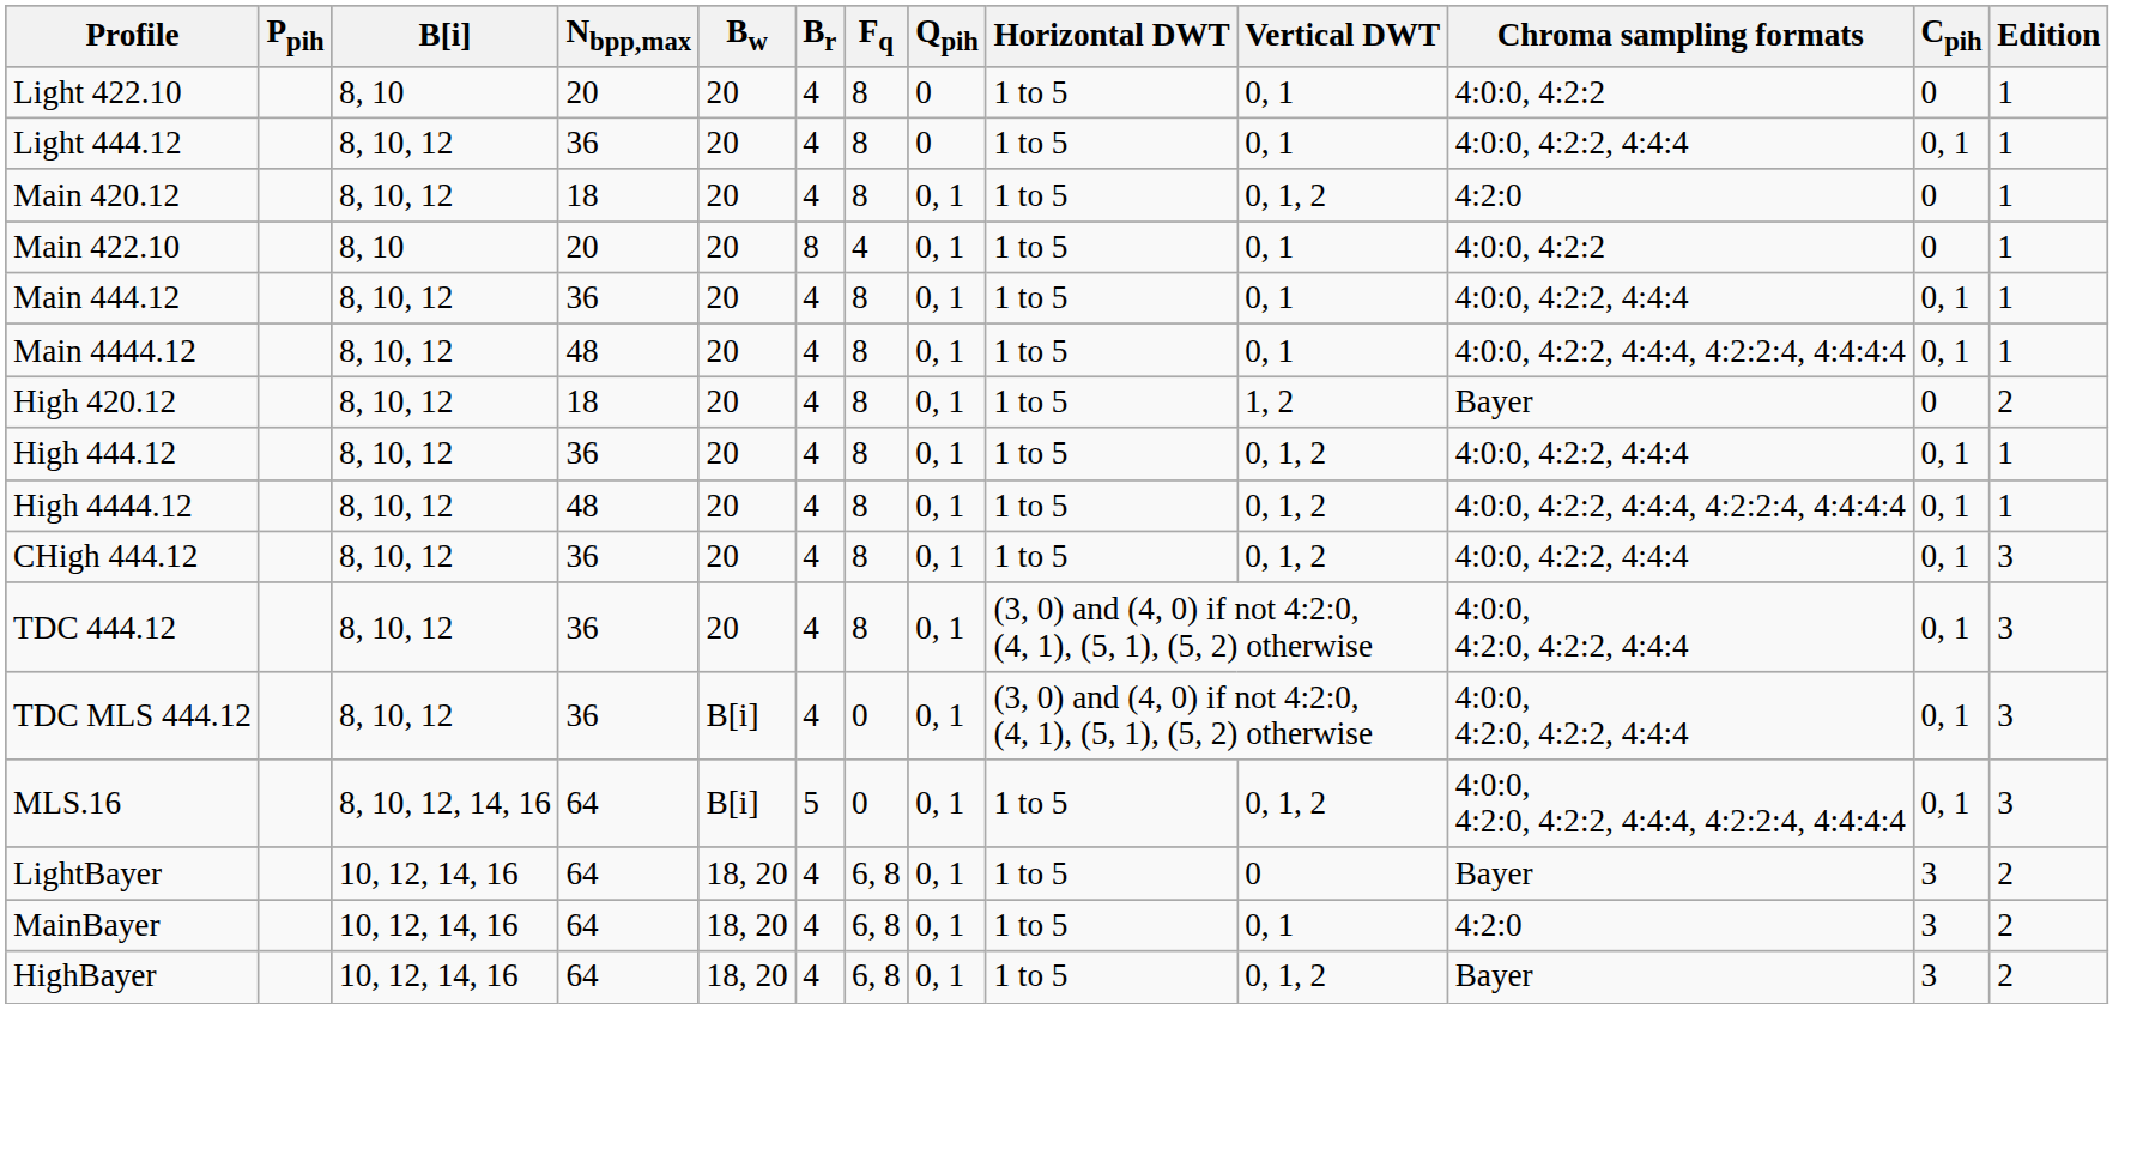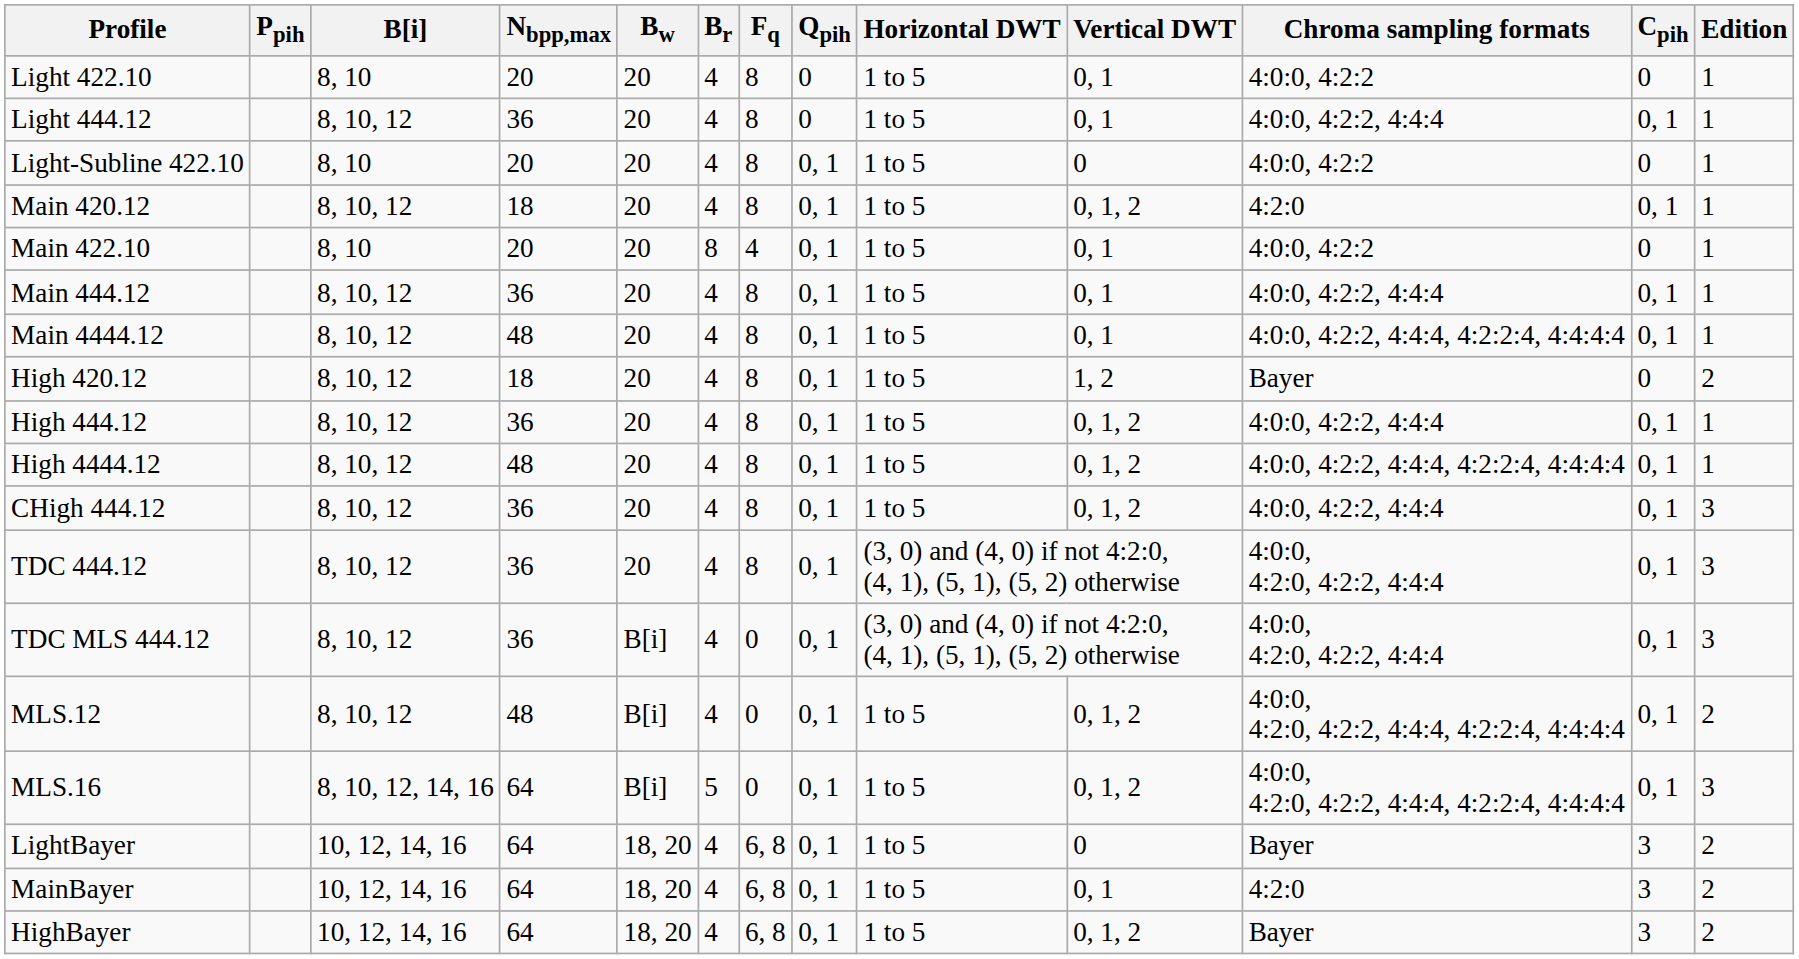 <table class="wikitable" border="1" style="border-collapse: collapse;">
 <tr>
 <th scope="col">Profile</th>
 <th scope="col">P<sub>pih</sub></th>
 <th scope="col">B[i]</th>
 <th scope="col">N<sub>bpp,max</sub></th>
 <th scope="col">B<sub>w</sub></th>
 <th scope="col">B<sub>r</sub></th>
 <th scope="col">F<sub>q</sub></th>
 <th scope="col">Q<sub>pih</sub></th>
 <th scope="col">Horizontal DWT</th>
 <th scope="col">Vertical DWT</th>
 <th scope="col">Chroma sampling formats</th>
 <th scope="col">C<sub>pih</sub></th>
 <th scope="col">Edition</th>
 </tr>
 <tr>
 <td>Light 422.10</td>
 <td></td>
 <td>8, 10</td>
 <td>20</td>
 <td>20</td>
 <td>4</td>
 <td>8</td>
 <td>0</td>
 <td>1 to 5</td>
 <td>0, 1</td>
 <td>4:0:0, 4:2:2</td>
 <td>0</td>
 <td>1</td>
 </tr>
 <tr>
 <td>Light 444.12</td>
 <td></td>
 <td>8, 10, 12</td>
 <td>36</td>
 <td>20</td>
 <td>4</td>
 <td>8</td>
 <td>0</td>
 <td>1 to 5</td>
 <td>0, 1</td>
 <td>4:0:0, 4:2:2, 4:4:4</td>
 <td>0, 1</td>
 <td>1</td>
 </tr>
 <tr>
+<td>Light-Subline 422.10</td>
+<td></td>
+<td>8, 10</td>
+<td>20</td>
+<td>20</td>
+<td>4</td>
+<td>8</td>
+<td>0, 1</td>
+<td>1 to 5</td>
+<td>0</td>
+<td>4:0:0, 4:2:2</td>
+<td>0</td>
+<td>1</td>
+</tr>
+<tr>
 <td>Main 420.12</td>
 <td></td>
 <td>8, 10, 12</td>
 <td>18</td>
 <td>20</td>
 <td>4</td>
 <td>8</td>
 <td>0, 1</td>
 <td>1 to 5</td>
 <td>0, 1, 2</td>
 <td>4:2:0</td>
-<td>0</td>
+<td>0, 1</td>
 <td>1</td>
 </tr>
 <tr>
 <td>Main 422.10</td>
 <td></td>
 <td>8, 10</td>
 <td>20</td>
 <td>20</td>
 <td>8</td>
 <td>4</td>
 <td>0, 1</td>
 <td>1 to 5</td>
 <td>0, 1</td>
 <td>4:0:0, 4:2:2</td>
 <td>0</td>
 <td>1</td>
 </tr>
 <tr>
 <td>Main 444.12</td>
 <td></td>
 <td>8, 10, 12</td>
 <td>36</td>
 <td>20</td>
 <td>4</td>
 <td>8</td>
 <td>0, 1</td>
 <td>1 to 5</td>
 <td>0, 1</td>
 <td>4:0:0, 4:2:2, 4:4:4</td>
 <td>0, 1</td>
 <td>1</td>
 </tr>
 <tr>
 <td>Main 4444.12</td>
 <td></td>
 <td>8, 10, 12</td>
 <td>48</td>
 <td>20</td>
 <td>4</td>
 <td>8</td>
 <td>0, 1</td>
 <td>1 to 5</td>
 <td>0, 1</td>
 <td>4:0:0, 4:2:2, 4:4:4, 4:2:2:4, 4:4:4:4</td>
 <td>0, 1</td>
 <td>1</td>
 </tr>
 <tr>
 <td>High 420.12</td>
 <td></td>
 <td>8, 10, 12</td>
 <td>18</td>
 <td>20</td>
 <td>4</td>
 <td>8</td>
 <td>0, 1</td>
 <td>1 to 5</td>
 <td>1, 2</td>
 <td>Bayer</td>
 <td>0</td>
 <td>2</td>
 </tr>
 <tr>
 <td>High 444.12</td>
 <td></td>
 <td>8, 10, 12</td>
 <td>36</td>
 <td>20</td>
 <td>4</td>
 <td>8</td>
 <td>0, 1</td>
 <td>1 to 5</td>
 <td>0, 1, 2</td>
 <td>4:0:0, 4:2:2, 4:4:4</td>
 <td>0, 1</td>
 <td>1</td>
 </tr>
 <tr>
 <td>High 4444.12</td>
 <td></td>
 <td>8, 10, 12</td>
 <td>48</td>
 <td>20</td>
 <td>4</td>
 <td>8</td>
 <td>0, 1</td>
 <td>1 to 5</td>
 <td>0, 1, 2</td>
 <td>4:0:0, 4:2:2, 4:4:4, 4:2:2:4, 4:4:4:4</td>
 <td>0, 1</td>
 <td>1</td>
 </tr>
 <tr>
 <td>CHigh 444.12</td>
 <td></td>
 <td>8, 10, 12</td>
 <td>36</td>
 <td>20</td>
 <td>4</td>
 <td>8</td>
 <td>0, 1</td>
 <td>1 to 5</td>
 <td>0, 1, 2</td>
 <td>4:0:0, 4:2:2, 4:4:4</td>
 <td>0, 1</td>
 <td>3</td>
 </tr>
 <tr>
 <td>TDC 444.12</td>
 <td></td>
 <td>8, 10, 12</td>
 <td>36</td>
 <td>20</td>
 <td>4</td>
 <td>8</td>
 <td>0, 1</td>
 <td colspan="2">(3, 0) and (4, 0) if not 4:2:0,<br>(4, 1), (5, 1), (5, 2) otherwise</td>
 <td>4:0:0,<br>4:2:0, 4:2:2, 4:4:4</td>
 <td>0, 1</td>
 <td>3</td>
 </tr>
 <tr>
 <td>TDC MLS 444.12</td>
 <td></td>
 <td>8, 10, 12</td>
 <td>36</td>
 <td>B[i]</td>
 <td>4</td>
 <td>0</td>
 <td>0, 1</td>
 <td colspan="2">(3, 0) and (4, 0) if not 4:2:0,<br>(4, 1), (5, 1), (5, 2) otherwise</td>
 <td>4:0:0,<br>4:2:0, 4:2:2, 4:4:4</td>
 <td>0, 1</td>
 <td>3</td>
 </tr>
 <tr>
+<td>MLS.12</td>
+<td></td>
+<td>8, 10, 12</td>
+<td>48</td>
+<td>B[i]</td>
+<td>4</td>
+<td>0</td>
+<td>0, 1</td>
+<td>1 to 5</td>
+<td>0, 1, 2</td>
+<td>4:0:0,<br>4:2:0, 4:2:2, 4:4:4, 4:2:2:4, 4:4:4:4</td>
+<td>0, 1</td>
+<td>2</td>
+</tr>
+<tr>
 <td>MLS.16</td>
 <td></td>
 <td>8, 10, 12, 14, 16</td>
 <td>64</td>
 <td>B[i]</td>
 <td>5</td>
 <td>0</td>
 <td>0, 1</td>
 <td>1 to 5</td>
 <td>0, 1, 2</td>
 <td>4:0:0,<br>4:2:0, 4:2:2, 4:4:4, 4:2:2:4, 4:4:4:4</td>
 <td>0, 1</td>
 <td>3</td>
 </tr>
 <tr>
 <td>LightBayer</td>
 <td></td>
 <td>10, 12, 14, 16</td>
 <td>64</td>
 <td>18, 20</td>
 <td>4</td>
 <td>6, 8</td>
 <td>0, 1</td>
 <td>1 to 5</td>
 <td>0</td>
 <td>Bayer</td>
 <td>3</td>
 <td>2</td>
 </tr>
 <tr>
 <td>MainBayer</td>
 <td></td>
 <td>10, 12, 14, 16</td>
 <td>64</td>
 <td>18, 20</td>
 <td>4</td>
 <td>6, 8</td>
 <td>0, 1</td>
 <td>1 to 5</td>
 <td>0, 1</td>
 <td>4:2:0</td>
 <td>3</td>
 <td>2</td>
 </tr>
 <tr>
 <td>HighBayer</td>
 <td></td>
 <td>10, 12, 14, 16</td>
 <td>64</td>
 <td>18, 20</td>
 <td>4</td>
 <td>6, 8</td>
 <td>0, 1</td>
 <td>1 to 5</td>
 <td>0, 1, 2</td>
 <td>Bayer</td>
 <td>3</td>
 <td>2</td>
 </tr>
 </table>
